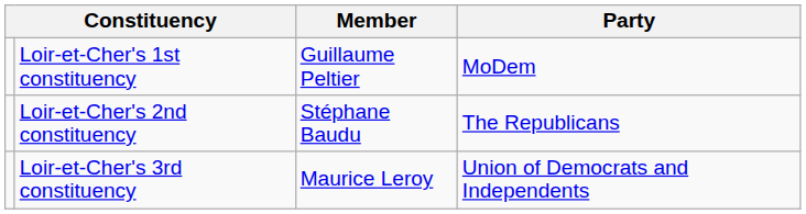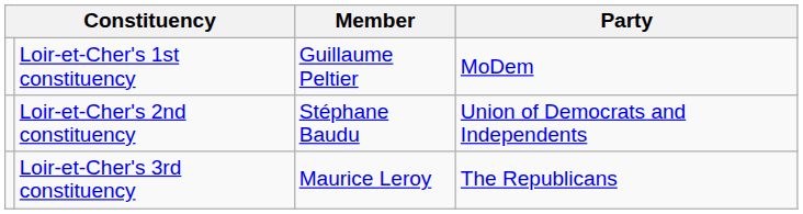 <table class="wikitable">
 <tr>
 <th colspan="2">Constituency</th>
 <th>Member</th>
 <th>Party</th>
 </tr>
 <tr>
 <td style="background-color: "></td>
 <td><a href='#'>Loir-et-Cher's 1st constituency</a></td>
 <td><a href='#'>Guillaume Peltier</a></td>
 <td><a href='#'>MoDem</a></td>
 </tr>
 <tr>
 <td style="background-color: "></td>
 <td><a href='#'>Loir-et-Cher's 2nd constituency</a></td>
 <td><a href='#'>Stéphane Baudu</a></td>
-<td><a href='#'>The Republicans</a></td>
+<td><a href='#'>Union of Democrats and Independents</a></td>
 </tr>
 <tr>
 <td style="background-color: "></td>
 <td><a href='#'>Loir-et-Cher's 3rd constituency</a></td>
 <td><a href='#'>Maurice Leroy</a></td>
-<td><a href='#'>Union of Democrats and Independents</a></td>
+<td><a href='#'>The Republicans</a></td>
 </tr>
 </table>
